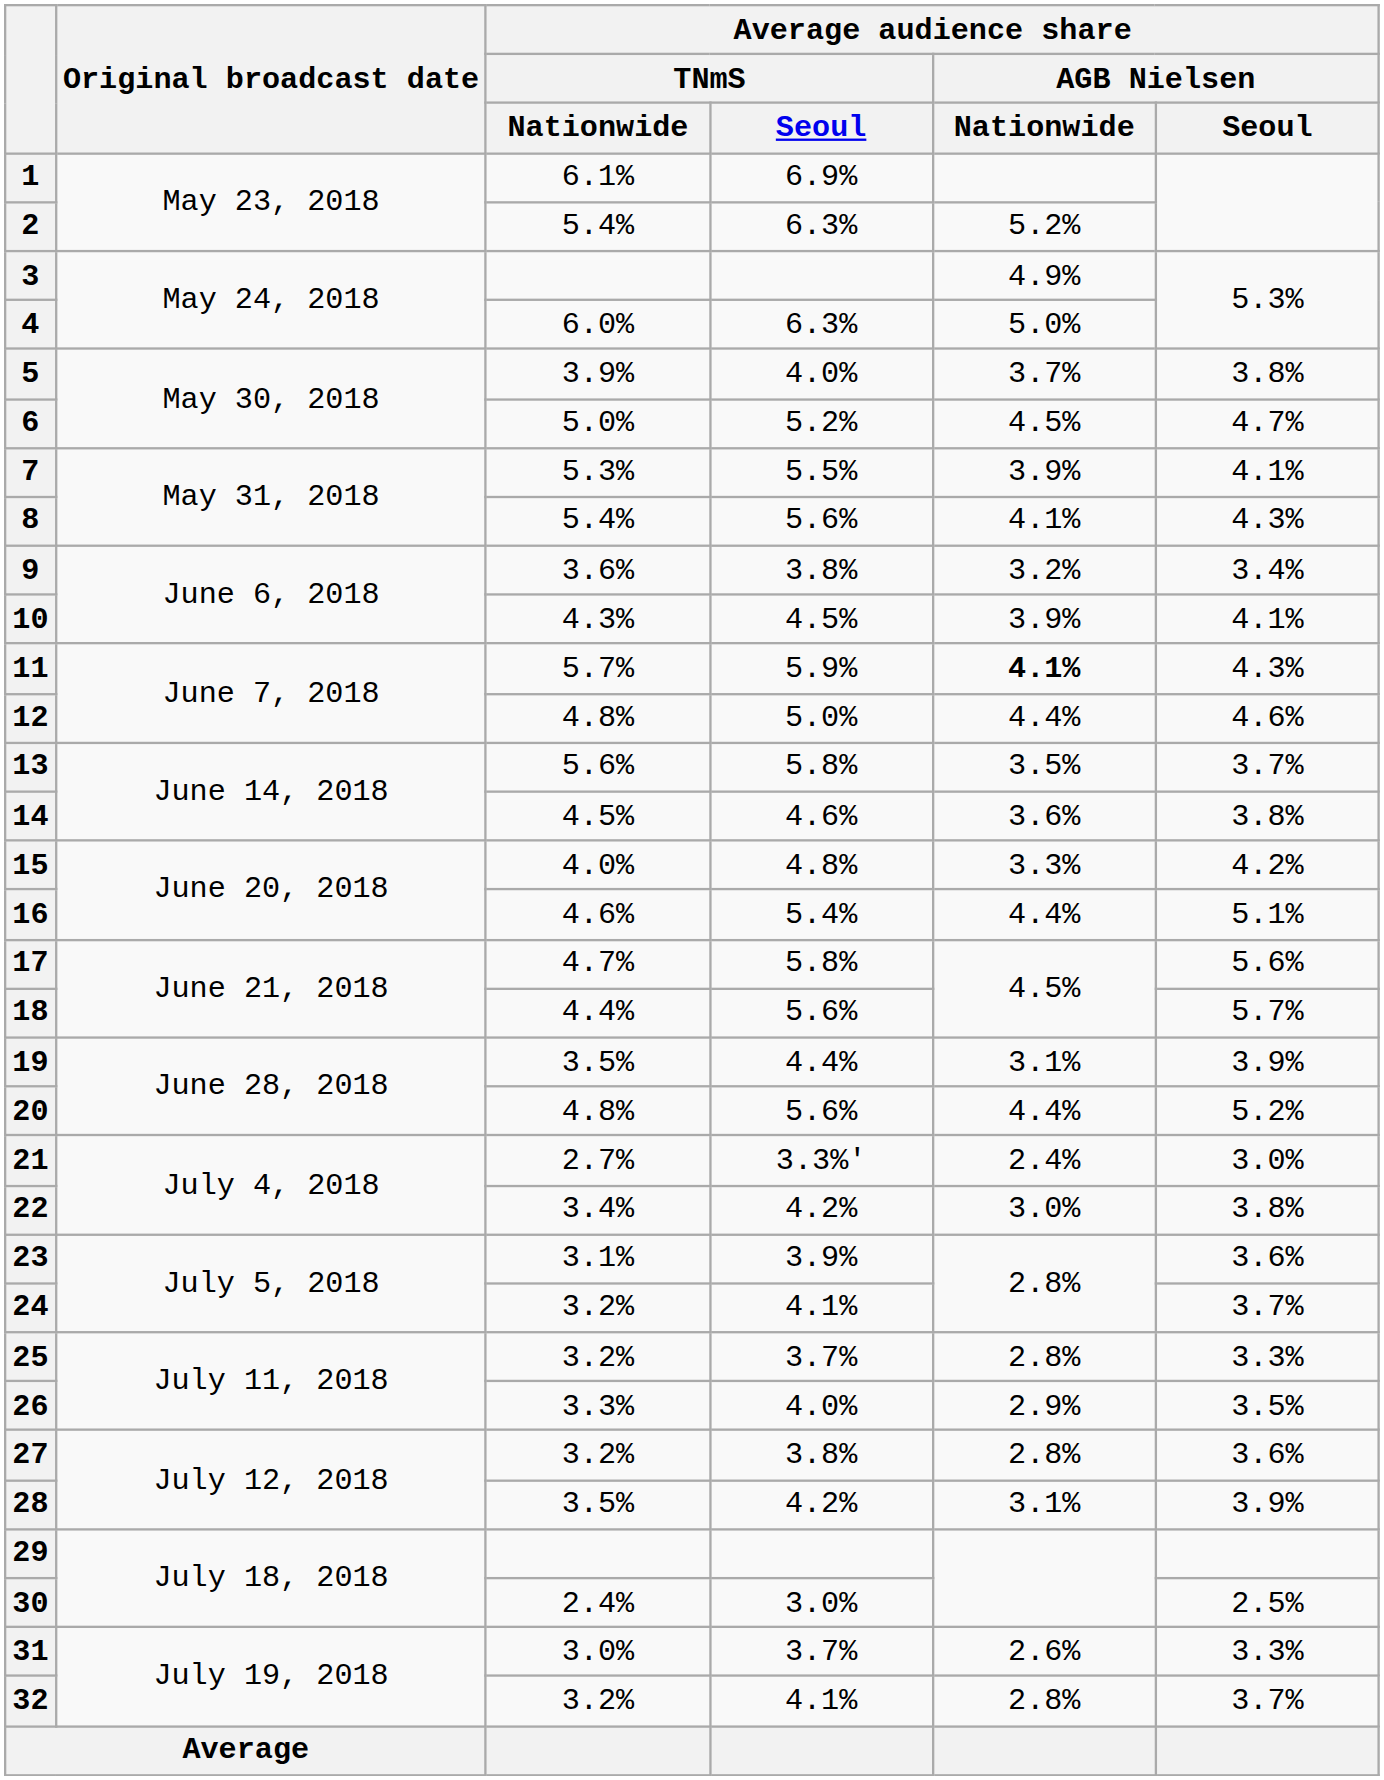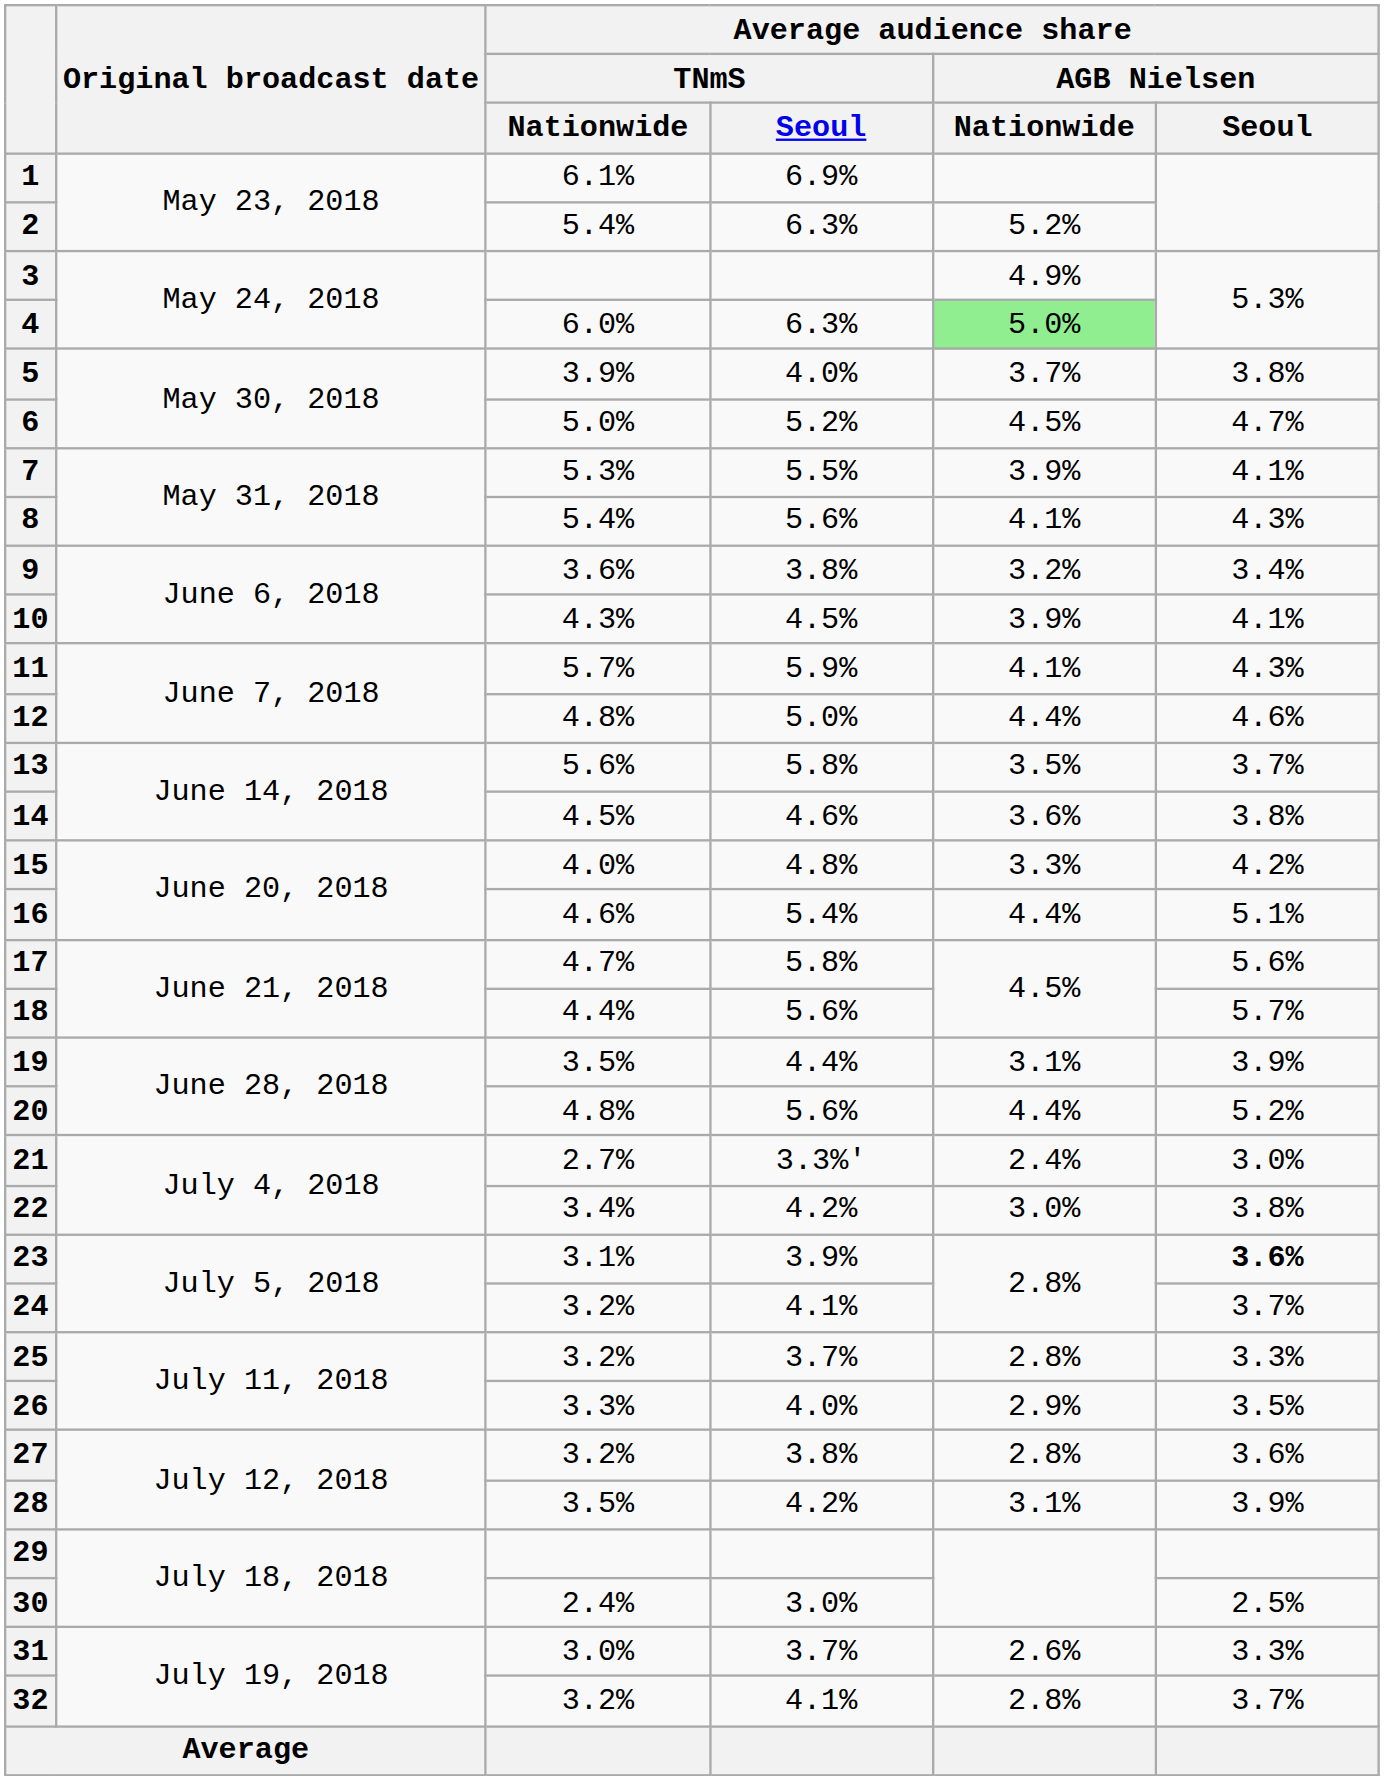 <table class="wikitable" style="text-align:center">
 <tr>
 <th rowspan="3"></th>
 <th rowspan="3">Original broadcast date</th>
 <th colspan="4">Average audience share</th>
 </tr>
 <tr>
 <th colspan="2">TNmS</th>
 <th colspan="2">AGB Nielsen</th>
 </tr>
 <tr>
 <th width="90">Nationwide</th>
 <th width="90"><a href='#'>Seoul</a></th>
 <th width="90">Nationwide</th>
 <th width="90">Seoul</th>
 </tr>
 <tr>
 <th>1</th>
 <td rowspan="2">May 23, 2018</td>
 <td>6.1% </td>
 <td>6.9%</td>
 <td> </td>
 <td rowspan="2"> </td>
 </tr>
 <tr>
 <th>2</th>
 <td>5.4% </td>
 <td>6.3%</td>
 <td>5.2% </td>
 </tr>
 <tr>
 <th>3</th>
 <td rowspan="2">May 24, 2018</td>
 <td> </td>
 <td></td>
 <td>4.9% </td>
 <td rowspan="2">5.3% </td>
 </tr>
 <tr>
 <th>4</th>
 <td>6.0% </td>
 <td>6.3%</td>
-<td>5.0% </td>
+<td style="background: lightgreen;">5.0% </td>
 </tr>
 <tr>
 <th>5</th>
 <td rowspan="2">May 30, 2018</td>
 <td>3.9% </td>
 <td>4.0%</td>
 <td>3.7% </td>
 <td>3.8% </td>
 </tr>
 <tr>
 <th>6</th>
 <td>5.0% </td>
 <td>5.2%</td>
 <td>4.5% </td>
 <td>4.7% </td>
 </tr>
 <tr>
 <th>7</th>
 <td rowspan="2">May 31, 2018</td>
 <td>5.3% </td>
 <td>5.5%</td>
 <td>3.9% </td>
 <td>4.1% </td>
 </tr>
 <tr>
 <th>8</th>
 <td>5.4% </td>
 <td>5.6%</td>
 <td>4.1% </td>
 <td>4.3% </td>
 </tr>
 <tr>
 <th>9</th>
 <td rowspan="2">June 6, 2018</td>
 <td>3.6%</td>
 <td>3.8%</td>
 <td>3.2% </td>
 <td>3.4% </td>
 </tr>
 <tr>
 <th>10</th>
 <td>4.3%</td>
 <td>4.5%</td>
 <td>3.9% </td>
 <td>4.1% </td>
 </tr>
 <tr>
 <th>11</th>
 <td rowspan="2">June 7, 2018</td>
 <td>5.7%</td>
 <td>5.9%</td>
-<td><strong>4.1% </strong></td>
+<td>4.1% </td>
 <td>4.3% </td>
 </tr>
 <tr>
 <th>12</th>
 <td>4.8%</td>
 <td>5.0%</td>
 <td>4.4% </td>
 <td>4.6% </td>
 </tr>
 <tr>
 <th>13</th>
 <td rowspan="2">June 14, 2018</td>
 <td>5.6%</td>
 <td>5.8%</td>
 <td>3.5% </td>
 <td>3.7% </td>
 </tr>
 <tr>
 <th>14</th>
 <td>4.5%</td>
 <td>4.6%</td>
 <td>3.6% </td>
 <td>3.8% </td>
 </tr>
 <tr>
 <th>15</th>
 <td rowspan="2">June 20, 2018</td>
 <td>4.0%</td>
 <td>4.8%</td>
 <td>3.3% </td>
 <td>4.2% </td>
 </tr>
 <tr>
 <th>16</th>
 <td>4.6%</td>
 <td>5.4%</td>
 <td>4.4% </td>
 <td>5.1% </td>
 </tr>
 <tr>
 <th>17</th>
 <td rowspan="2">June 21, 2018</td>
 <td>4.7%</td>
 <td>5.8%</td>
 <td rowspan="2">4.5% </td>
 <td>5.6% </td>
 </tr>
 <tr>
 <th>18</th>
 <td>4.4%</td>
 <td>5.6%</td>
 <td>5.7% </td>
 </tr>
 <tr>
 <th>19</th>
 <td rowspan="2">June 28, 2018</td>
 <td>3.5%</td>
 <td>4.4%</td>
 <td>3.1% </td>
 <td>3.9% </td>
 </tr>
 <tr>
 <th>20</th>
 <td>4.8%</td>
 <td>5.6%</td>
 <td>4.4% </td>
 <td>5.2% </td>
 </tr>
 <tr>
 <th>21</th>
 <td rowspan="2">July 4, 2018</td>
 <td>2.7%</td>
 <td>3.3%'</td>
 <td>2.4% </td>
 <td>3.0% </td>
 </tr>
 <tr>
 <th>22</th>
 <td>3.4%</td>
 <td>4.2%</td>
 <td>3.0% </td>
 <td>3.8% </td>
 </tr>
 <tr>
 <th>23</th>
 <td rowspan="2">July 5, 2018</td>
 <td>3.1%</td>
 <td>3.9%</td>
 <td rowspan="2">2.8% </td>
-<td>3.6% </td>
+<td><strong>3.6% </strong></td>
 </tr>
 <tr>
 <th>24</th>
 <td>3.2%</td>
 <td>4.1%</td>
 <td>3.7% </td>
 </tr>
 <tr>
 <th>25</th>
 <td rowspan="2">July 11, 2018</td>
 <td>3.2%</td>
 <td>3.7%</td>
 <td>2.8% </td>
 <td>3.3% </td>
 </tr>
 <tr>
 <th>26</th>
 <td>3.3%</td>
 <td>4.0%</td>
 <td>2.9% </td>
 <td>3.5% </td>
 </tr>
 <tr>
 <th>27</th>
 <td rowspan="2">July 12, 2018</td>
 <td>3.2%</td>
 <td>3.8%</td>
 <td>2.8% </td>
 <td>3.6% </td>
 </tr>
 <tr>
 <th>28</th>
 <td>3.5%</td>
 <td>4.2%</td>
 <td>3.1% </td>
 <td>3.9% </td>
 </tr>
 <tr>
 <th>29</th>
 <td rowspan="2">July 18, 2018</td>
 <td></td>
 <td></td>
 <td rowspan="2"> </td>
 <td> </td>
 </tr>
 <tr>
 <th>30</th>
 <td>2.4%</td>
 <td>3.0%</td>
 <td>2.5% </td>
 </tr>
 <tr>
 <th>31</th>
 <td rowspan="2">July 19, 2018</td>
 <td>3.0%</td>
 <td>3.7%</td>
 <td>2.6% </td>
 <td>3.3% </td>
 </tr>
 <tr>
 <th>32</th>
 <td>3.2%</td>
 <td>4.1%</td>
 <td>2.8% </td>
 <td>3.7% </td>
 </tr>
 <tr>
 <th colspan="2">Average</th>
 <th></th>
 <th></th>
 <th></th>
 <th></th>
 </tr>
 </table>
